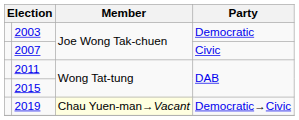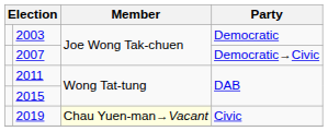 <table class="wikitable">
 <tr>
 <th colspan="2">Election</th>
 <th>Member</th>
 <th>Party</th>
 </tr>
 <tr>
 <td style="background-color: "></td>
 <td><a href='#'>2003</a></td>
 <td rowspan=2>Joe Wong Tak-chuen</td>
 <td><a href='#'>Democratic</a></td>
 </tr>
 <tr>
 <td style="background-color: "></td>
 <td><a href='#'>2007</a></td>
-<td><a href='#'>Civic</a></td>
+<td><a href='#'>Democratic</a>→<a href='#'>Civic</a></td>
 </tr>
 <tr>
 <td style="background-color: "></td>
 <td><a href='#'>2011</a></td>
 <td rowspan=2>Wong Tat-tung</td>
 <td rowspan=2><a href='#'>DAB</a></td>
 </tr>
 <tr>
 <td style="background-color: "></td>
 <td><a href='#'>2015</a></td>
 </tr>
 <tr>
 <td style="background-color: "></td>
 <td><a href='#'>2019</a></td>
 <td style="background: lightyellow;">Chau Yuen-man→<em>Vacant</em></td>
-<td><a href='#'>Democratic</a>→<a href='#'>Civic</a></td>
+<td><a href='#'>Civic</a></td>
 </tr>
 <tr>
 </tr>
 </table>
